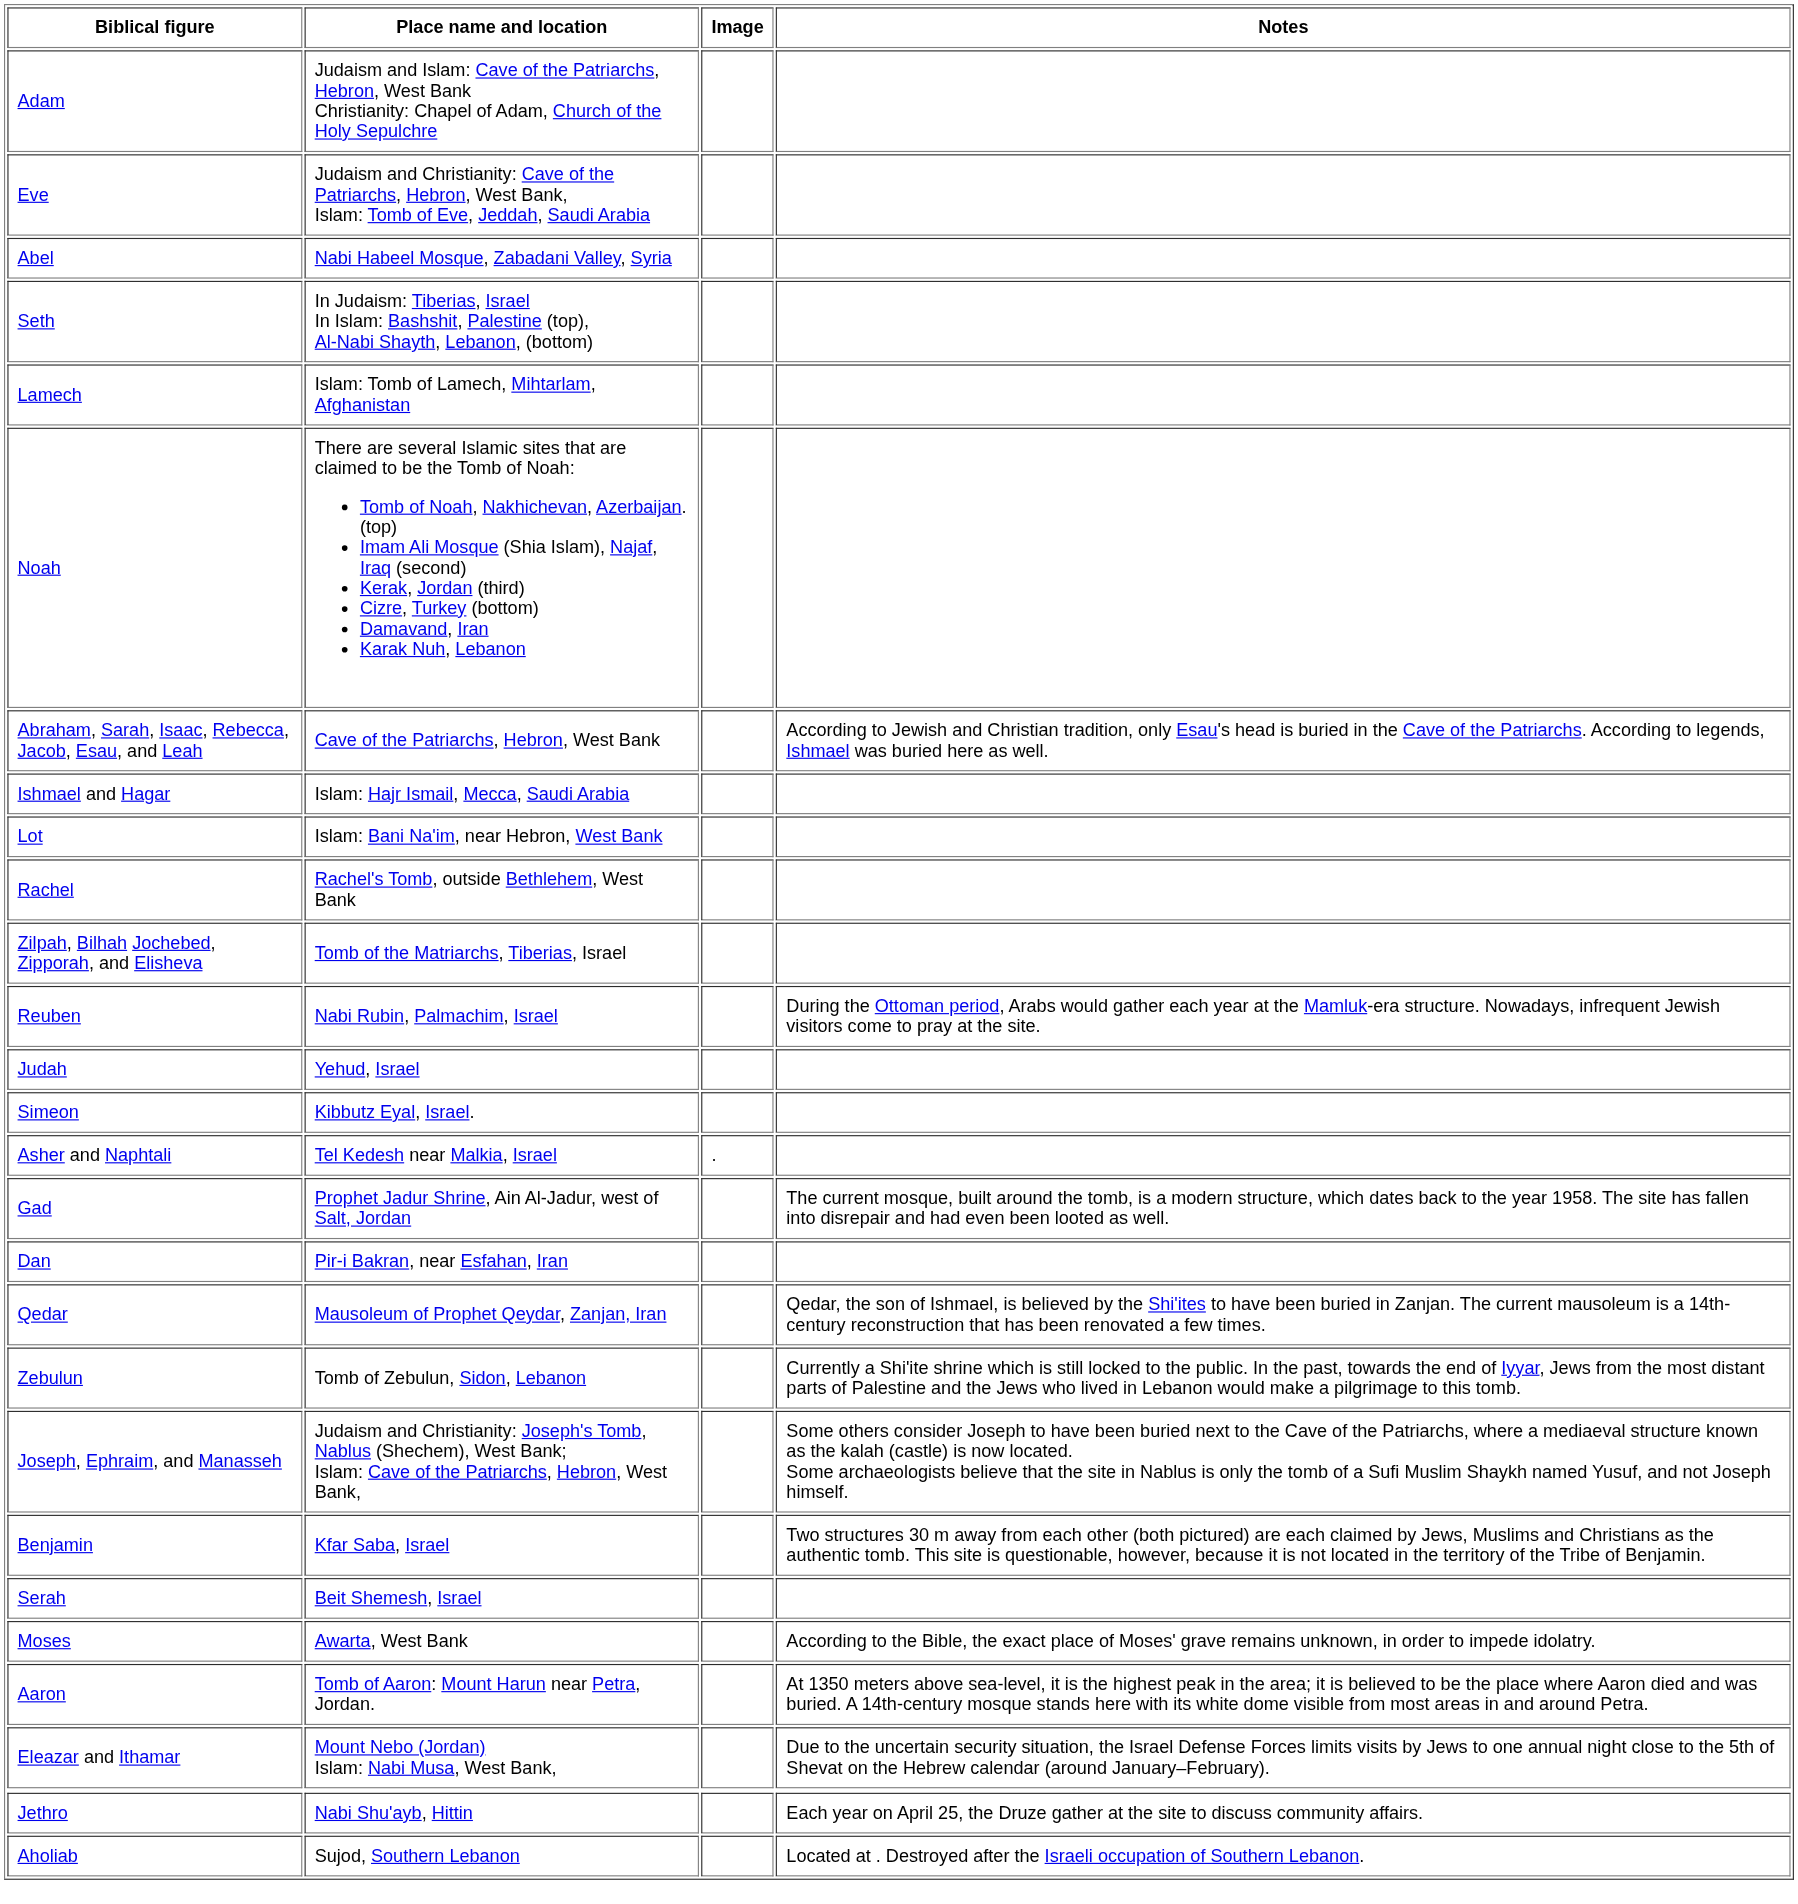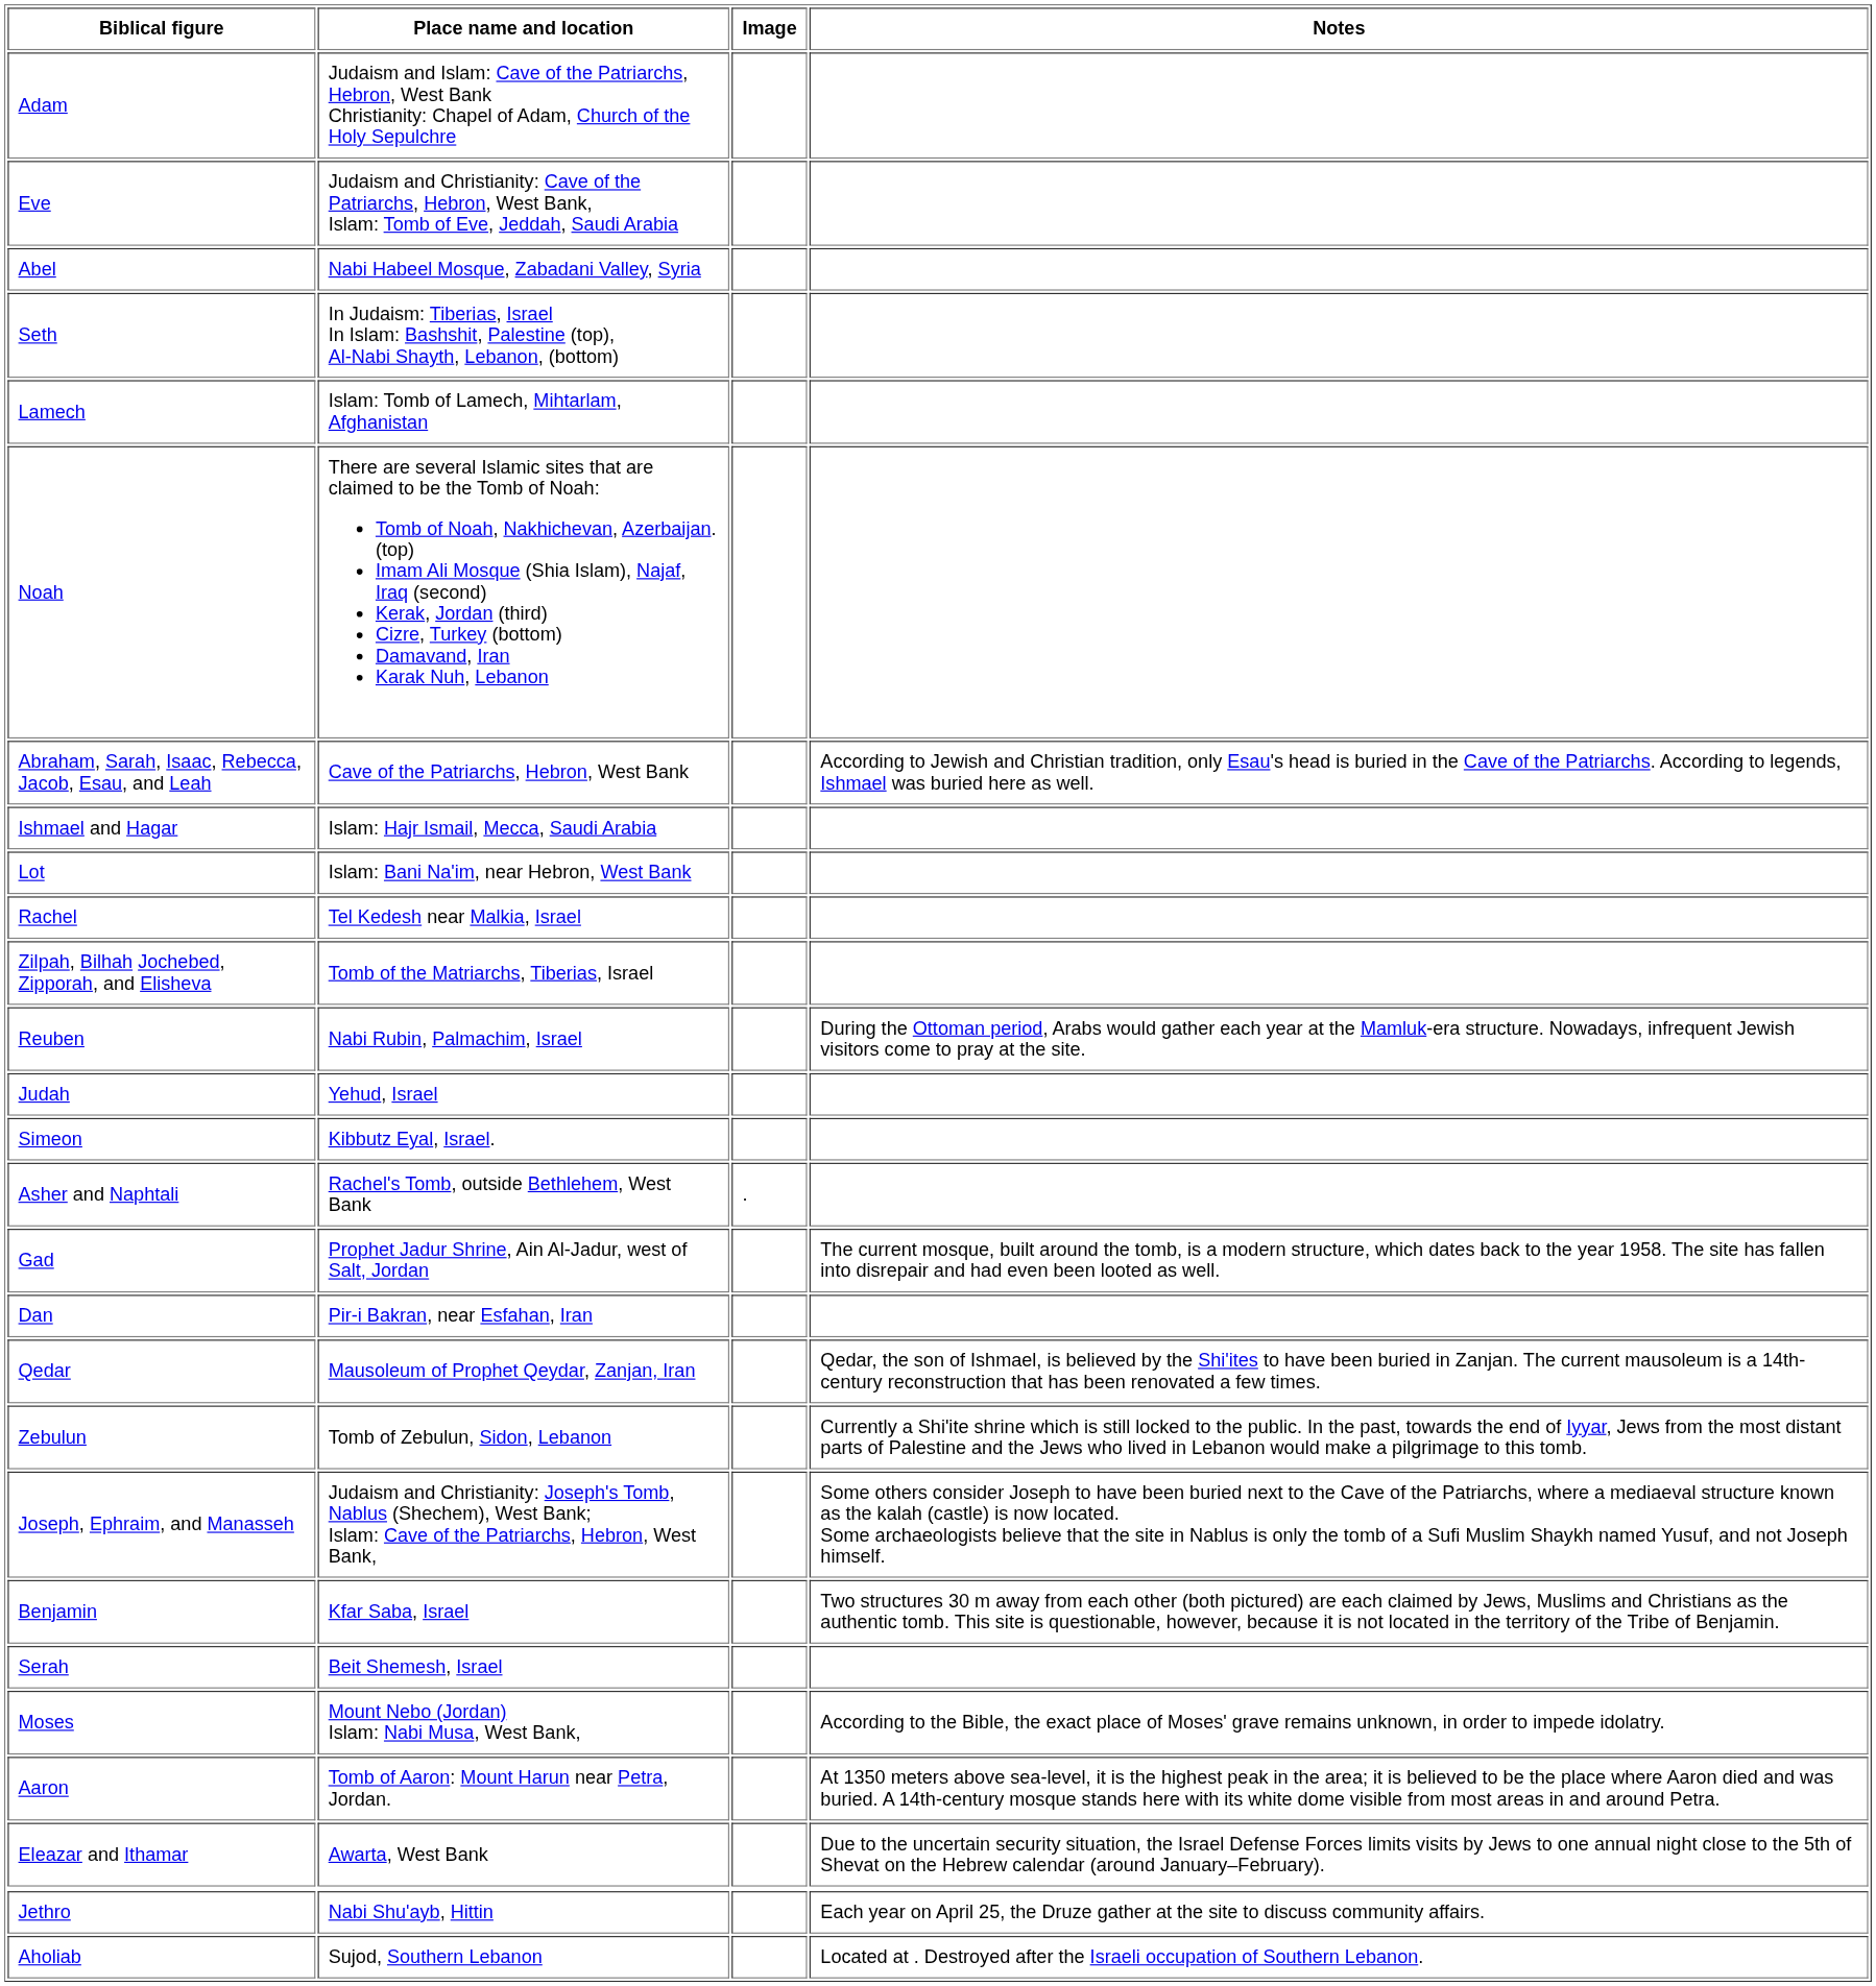 <table class="toccolours" border="1" cellpadding="8">
 <tr>
 <th>Biblical figure</th>
 <th>Place name and location</th>
 <th>Image</th>
 <th>Notes</th>
 </tr>
 <tr>
 <td><a href='#'>Adam</a></td>
 <td>Judaism and Islam: <a href='#'>Cave of the Patriarchs</a>, <a href='#'>Hebron</a>, West Bank<br>Christianity: Chapel of Adam, <a href='#'>Church of the Holy Sepulchre</a></td>
 <td><br></td>
 <td></td>
 </tr>
 <tr>
 <td><a href='#'>Eve</a></td>
 <td>Judaism and Christianity: <a href='#'>Cave of the Patriarchs</a>, <a href='#'>Hebron</a>, West Bank,<br>Islam: <a href='#'>Tomb of Eve</a>, <a href='#'>Jeddah</a>, <a href='#'>Saudi Arabia</a></td>
 <td><br></td>
 <td></td>
 </tr>
 <tr>
 <td><a href='#'>Abel</a></td>
 <td><a href='#'>Nabi Habeel Mosque</a>, <a href='#'>Zabadani Valley</a>, <a href='#'>Syria</a></td>
 <td></td>
 <td></td>
 </tr>
 <tr>
 <td><a href='#'>Seth</a></td>
 <td>In Judaism: <a href='#'>Tiberias</a>, <a href='#'>Israel</a><br>In Islam: <a href='#'>Bashshit</a>, <a href='#'>Palestine</a> (top),<br><a href='#'>Al-Nabi Shayth</a>, <a href='#'>Lebanon</a>, (bottom)</td>
 <td><br></td>
 <td></td>
 </tr>
 <tr>
 <td><a href='#'>Lamech</a></td>
 <td>Islam: Tomb of Lamech, <a href='#'>Mihtarlam</a>, <a href='#'>Afghanistan</a></td>
 <td></td>
 <td></td>
 </tr>
 <tr>
 <td><a href='#'>Noah</a></td>
 <td>There are several Islamic sites that are claimed to be the Tomb of Noah:<br><ul><li><a href='#'>Tomb of Noah</a>, <a href='#'>Nakhichevan</a>, <a href='#'>Azerbaijan</a>. (top)</li><li><a href='#'>Imam Ali Mosque</a> (Shia Islam), <a href='#'>Najaf</a>, <a href='#'>Iraq</a> (second)</li><li><a href='#'>Kerak</a>, <a href='#'>Jordan</a> (third)</li><li><a href='#'>Cizre</a>, <a href='#'>Turkey</a> (bottom)</li><li><a href='#'>Damavand</a>, <a href='#'>Iran</a></li><li><a href='#'>Karak Nuh</a>, <a href='#'>Lebanon</a></li></ul><br> </td>
 <td><br><br><br><br></td>
 <td></td>
 </tr>
 <tr>
 <td><a href='#'>Abraham</a>, <a href='#'>Sarah</a>, <a href='#'>Isaac</a>, <a href='#'>Rebecca</a>, <a href='#'>Jacob</a>, <a href='#'>Esau</a>, and <a href='#'>Leah</a></td>
 <td><a href='#'>Cave of the Patriarchs</a>, <a href='#'>Hebron</a>, West Bank</td>
 <td></td>
 <td>According to Jewish and Christian tradition, only <a href='#'>Esau</a>'s head is buried in the <a href='#'>Cave of the Patriarchs</a>. According to legends, <a href='#'>Ishmael</a> was buried here as well.</td>
 </tr>
 <tr>
 <td><a href='#'>Ishmael</a> and <a href='#'>Hagar</a></td>
 <td>Islam: <a href='#'>Hajr Ismail</a>, <a href='#'>Mecca</a>, <a href='#'>Saudi Arabia</a></td>
 <td></td>
 <td></td>
 </tr>
 <tr>
 <td><a href='#'>Lot</a></td>
 <td>Islam: <a href='#'>Bani Na'im</a>, near Hebron, <a href='#'>West Bank</a></td>
 <td></td>
 <td></td>
 </tr>
 <tr>
 <td><a href='#'>Rachel</a></td>
-<td><a href='#'>Rachel's Tomb</a>, outside <a href='#'>Bethlehem</a>, West Bank</td>
+<td><a href='#'>Tel Kedesh</a> near <a href='#'>Malkia</a>, <a href='#'>Israel</a></td>
 <td></td>
 <td></td>
 </tr>
 <tr>
 <td><a href='#'>Zilpah</a>, <a href='#'>Bilhah</a> <a href='#'>Jochebed</a>, <a href='#'>Zipporah</a>, and <a href='#'>Elisheva</a></td>
 <td><a href='#'>Tomb of the Matriarchs</a>, <a href='#'>Tiberias</a>, Israel</td>
 <td></td>
 <td></td>
 </tr>
 <tr>
 <td><a href='#'>Reuben</a></td>
 <td><a href='#'>Nabi Rubin</a>, <a href='#'>Palmachim</a>, <a href='#'>Israel</a></td>
 <td></td>
 <td>During the <a href='#'>Ottoman period</a>, Arabs would gather each year at the <a href='#'>Mamluk</a>-era structure. Nowadays, infrequent Jewish visitors come to pray at the site.</td>
 </tr>
 <tr>
 <td><a href='#'>Judah</a></td>
 <td><a href='#'>Yehud</a>, <a href='#'>Israel</a></td>
 <td></td>
 <td></td>
 </tr>
 <tr>
 <td><a href='#'>Simeon</a></td>
 <td><a href='#'>Kibbutz Eyal</a>, <a href='#'>Israel</a>.</td>
 <td></td>
 <td></td>
 </tr>
 <tr>
 <td><a href='#'>Asher</a> and <a href='#'>Naphtali</a></td>
-<td><a href='#'>Tel Kedesh</a> near <a href='#'>Malkia</a>, <a href='#'>Israel</a></td>
+<td><a href='#'>Rachel's Tomb</a>, outside <a href='#'>Bethlehem</a>, West Bank</td>
 <td>.</td>
 <td></td>
 </tr>
 <tr>
 <td><a href='#'>Gad</a></td>
 <td><a href='#'>Prophet Jadur Shrine</a>, Ain Al-Jadur, west of <a href='#'>Salt, Jordan</a></td>
 <td></td>
 <td>The current mosque, built around the tomb, is a modern structure, which dates back to the year 1958. The site has fallen into disrepair and had even been looted as well.</td>
 </tr>
 <tr>
 <td><a href='#'>Dan</a></td>
 <td><a href='#'>Pir-i Bakran</a>, near <a href='#'>Esfahan</a>, <a href='#'>Iran</a></td>
 <td></td>
 <td></td>
 </tr>
 <tr>
 <td><a href='#'>Qedar</a></td>
 <td><a href='#'>Mausoleum of Prophet Qeydar</a>, <a href='#'>Zanjan, Iran</a></td>
 <td></td>
 <td>Qedar, the son of Ishmael, is believed by the <a href='#'>Shi'ites</a> to have been buried in Zanjan. The current mausoleum is a 14th-century reconstruction that has been renovated a few times.</td>
 </tr>
 <tr>
 <td><a href='#'>Zebulun</a></td>
 <td>Tomb of Zebulun, <a href='#'>Sidon</a>, <a href='#'>Lebanon</a></td>
 <td></td>
 <td>Currently a Shi'ite shrine which is still locked to the public. In the past, towards the end of <a href='#'>Iyyar</a>, Jews from the most distant parts of Palestine and the Jews who lived in Lebanon would make a pilgrimage to this tomb.</td>
 </tr>
 <tr>
 <td><a href='#'>Joseph</a>, <a href='#'>Ephraim</a>, and <a href='#'>Manasseh</a></td>
 <td>Judaism and Christianity: <a href='#'>Joseph's Tomb</a>, <a href='#'>Nablus</a> (Shechem), West Bank;<br>Islam: <a href='#'>Cave of the Patriarchs</a>, <a href='#'>Hebron</a>, West Bank,</td>
 <td></td>
 <td>Some others consider Joseph to have been buried next to the Cave of the Patriarchs, where a mediaeval structure known as the kalah (castle) is now located.<br>Some archaeologists believe that the site in Nablus is only the tomb of a Sufi Muslim Shaykh named Yusuf, and not Joseph himself.</td>
 </tr>
 <tr>
 <td><a href='#'>Benjamin</a></td>
 <td><a href='#'>Kfar Saba</a>, <a href='#'>Israel</a></td>
 <td><br></td>
 <td>Two structures 30 m away from each other (both pictured) are each claimed by Jews, Muslims and Christians as the authentic tomb. This site is questionable, however, because it is not located in the territory of the Tribe of Benjamin.</td>
 </tr>
 <tr>
 <td><a href='#'>Serah</a></td>
 <td><a href='#'>Beit Shemesh</a>, <a href='#'>Israel</a></td>
 <td></td>
 <td></td>
 </tr>
 <tr>
 <td><a href='#'>Moses</a></td>
-<td><a href='#'>Awarta</a>, West Bank</td>
+<td><a href='#'>Mount Nebo (Jordan)</a><br>Islam: <a href='#'>Nabi Musa</a>, West Bank,</td>
 <td></td>
 <td>According to the Bible, the exact place of Moses' grave remains unknown, in order to impede idolatry.</td>
 </tr>
 <tr>
 <td><a href='#'>Aaron</a></td>
 <td><a href='#'>Tomb of Aaron</a>: <a href='#'>Mount Harun</a> near <a href='#'>Petra</a>, Jordan.</td>
 <td></td>
 <td>At 1350 meters above sea-level, it is the highest peak in the area; it is believed to be the place where Aaron died and was buried. A 14th-century mosque stands here with its white dome visible from most areas in and around Petra.</td>
 </tr>
 <tr>
 <td><a href='#'>Eleazar</a> and <a href='#'>Ithamar</a></td>
-<td><a href='#'>Mount Nebo (Jordan)</a><br>Islam: <a href='#'>Nabi Musa</a>, West Bank,</td>
+<td><a href='#'>Awarta</a>, West Bank</td>
 <td></td>
 <td>Due to the uncertain security situation, the Israel Defense Forces limits visits by Jews to one annual night close to the 5th of Shevat on the Hebrew calendar (around January–February).</td>
 </tr>
 <tr>
 </tr>
 <tr>
 <td><a href='#'>Jethro</a></td>
 <td><a href='#'>Nabi Shu'ayb</a>, <a href='#'>Hittin</a></td>
 <td></td>
 <td>Each year on April 25, the Druze gather at the site to discuss community affairs.</td>
 </tr>
 <tr>
 <td><a href='#'>Aholiab</a></td>
 <td>Sujod, <a href='#'>Southern Lebanon</a></td>
 <td></td>
 <td>Located at . Destroyed after the <a href='#'>Israeli occupation of Southern Lebanon</a>.</td>
 </tr>
 </table>
